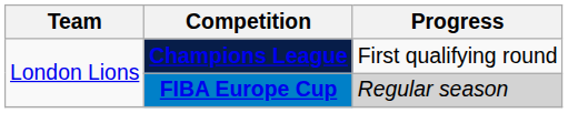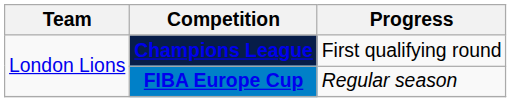 <table class="wikitable sortable">
 <tr>
 <th>Team</th>
 <th>Competition</th>
 <th>Progress</th>
 </tr>
 <tr>
 <td rowspan=2><a href='#'>London Lions</a></td>
 <td style="background-color:#071D49;color:#D0D3D4;text-align:center"><strong><a href='#'><span>Champions League</span></a></strong></td>
 <td>First qualifying round</td>
 </tr>
 <tr>
 <td style="background-color:#0080C8;color:white;text-align:center"><strong><a href='#'><span>FIBA Europe Cup</span></a></strong></td>
-<td style="background: lightgrey;"><em>Regular season</em></td>
+<td><em>Regular season</em></td>
 </tr>
 <tr>
 </tr>
 </table>
